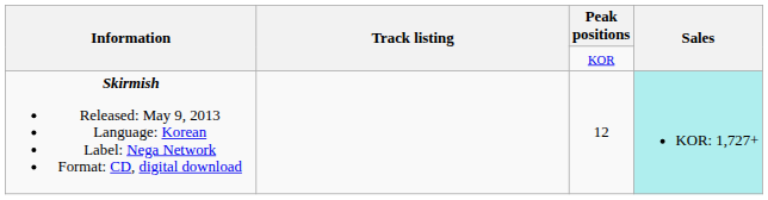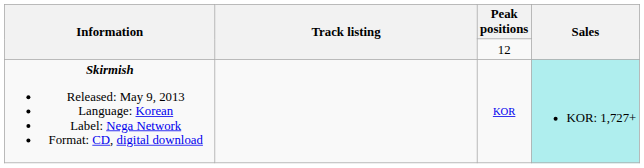 <table class="wikitable" style="text-align:center;">
 <tr>
 <th rowspan="2" style="width:16em;">Information</th>
 <th rowspan="2" style="width:20em;">Track listing</th>
 <th colspan="1">Peak<br>positions</th>
 <th rowspan="2" style="width:8em;">Sales</th>
 </tr>
 <tr>
-<td><small><a href='#'>KOR</a></small></td>
+<td>12</td>
 </tr>
 <tr>
 <td><strong><em>Skirmish</em></strong><br><ul><li>Released: May 9, 2013</li><li>Language: <a href='#'>Korean</a></li><li>Label: <a href='#'>Nega Network</a></li><li>Format: <a href='#'>CD</a>, <a href='#'>digital download</a></li></ul></td>
 <td style="font-size: 100%;"></td>
-<td>12</td>
+<td><small><a href='#'>KOR</a></small></td>
 <td style="background: paleturquoise;"><br><ul><li>KOR: 1,727+</li></ul></td>
 </tr>
 </table>
